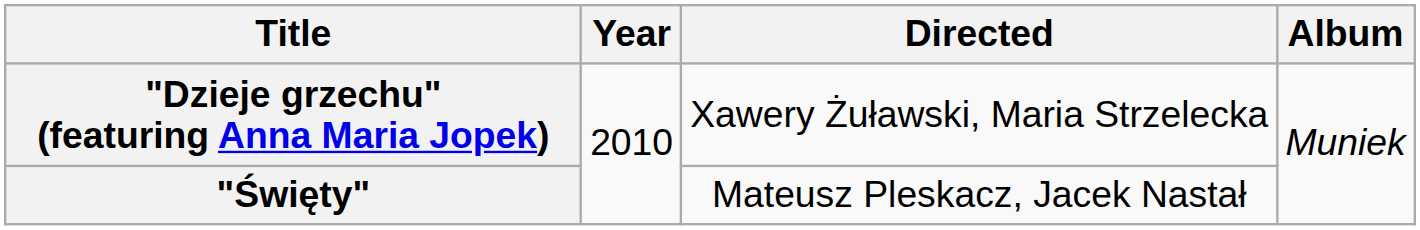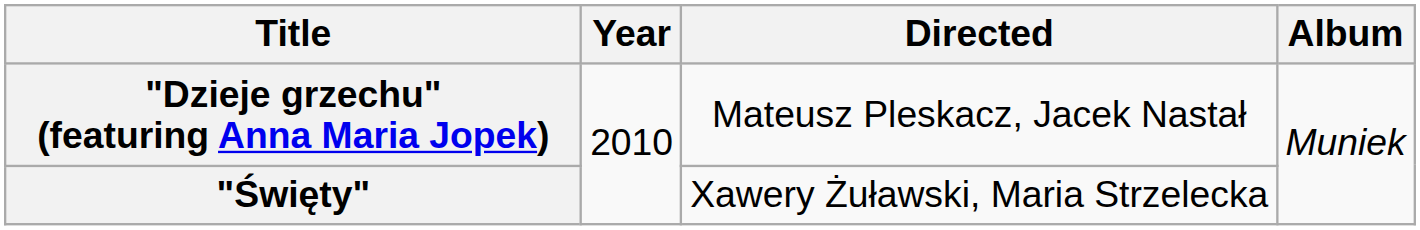 <table class="wikitable plainrowheaders" style="text-align:center;">
 <tr>
 <th scope="col" style="width:15em;">Title</th>
 <th scope="col">Year</th>
 <th scope="col">Directed</th>
 <th scope="col">Album</th>
 </tr>
 <tr>
 <th scope="row">"Dzieje grzechu"<br>(featuring <a href='#'>Anna Maria Jopek</a>)</th>
 <td rowspan=2>2010</td>
-<td>Xawery Żuławski, Maria Strzelecka</td>
+<td>Mateusz Pleskacz, Jacek Nastał</td>
 <td rowspan=2><em>Muniek</em></td>
 </tr>
 <tr>
 <th scope="row">"Święty"</th>
-<td>Mateusz Pleskacz, Jacek Nastał</td>
+<td>Xawery Żuławski, Maria Strzelecka</td>
 </tr>
 </table>
